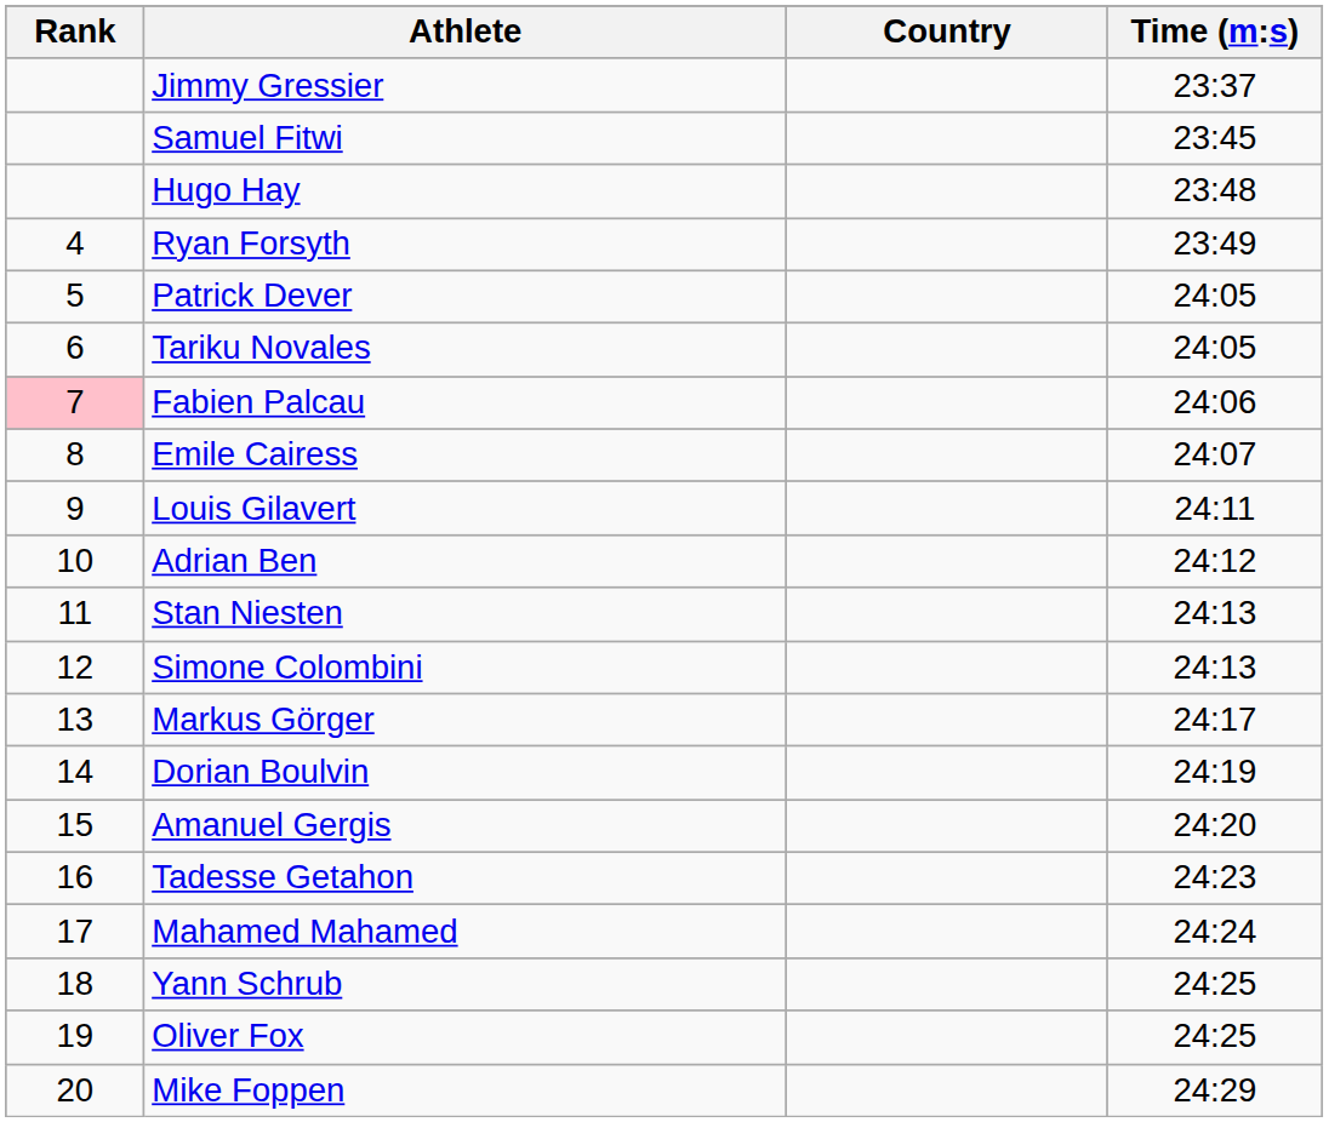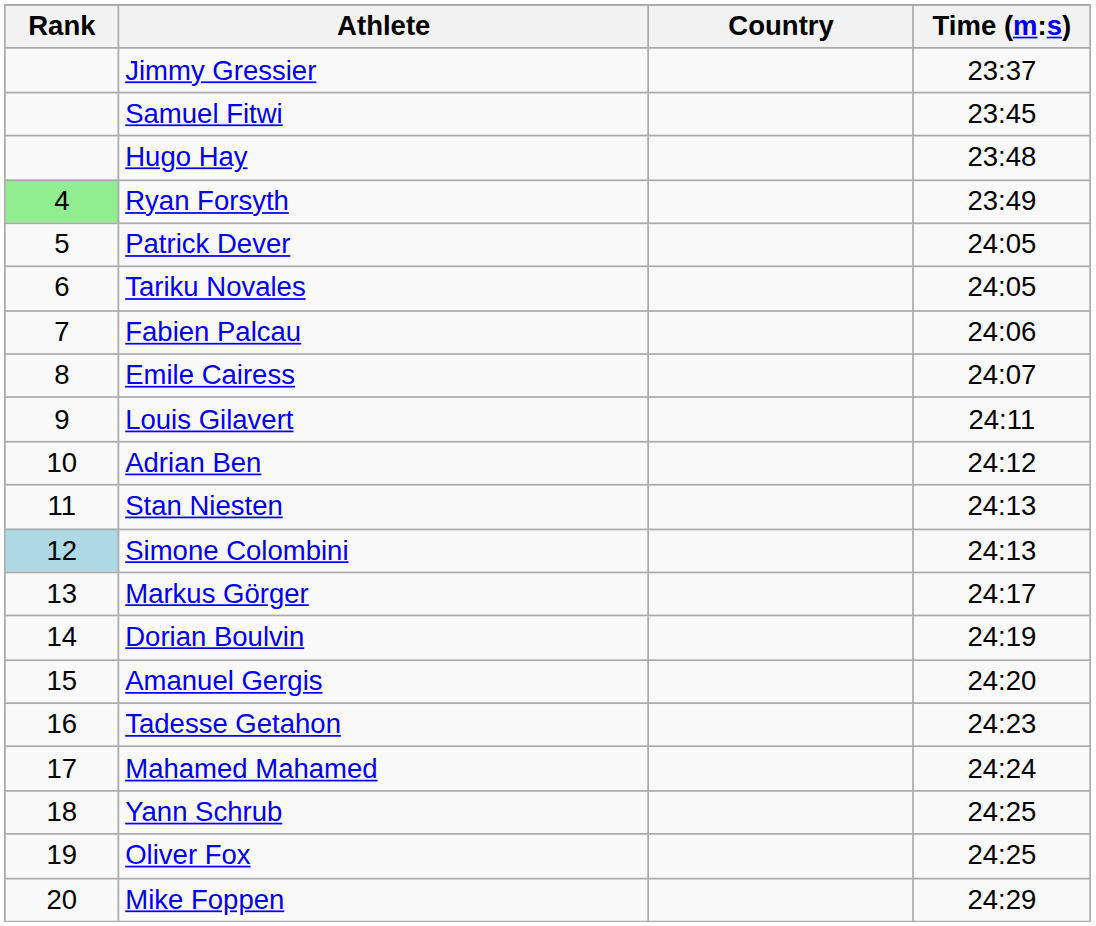 <table class="wikitable" style="text-align:center;" width="50%">
 <tr>
 </tr>
 <tr>
 <th width=5%>Rank</th>
 <th width=30%>Athlete</th>
 <th width=15%>Country</th>
 <th width=10%>Time (<a href='#'>m</a>:<a href='#'>s</a>)</th>
 </tr>
 <tr>
 <td></td>
 <td align=left><a href='#'>Jimmy Gressier</a></td>
 <td align=left></td>
 <td>23:37</td>
 </tr>
 <tr>
 <td></td>
 <td align=left><a href='#'>Samuel Fitwi</a></td>
 <td align=left></td>
 <td>23:45</td>
 </tr>
 <tr>
 <td></td>
 <td align=left><a href='#'>Hugo Hay</a></td>
 <td align=left></td>
 <td>23:48</td>
 </tr>
 <tr>
-<td>4</td>
+<td style="background: lightgreen;">4</td>
 <td align=left><a href='#'>Ryan Forsyth</a></td>
 <td align=left></td>
 <td>23:49</td>
 </tr>
 <tr>
 <td>5</td>
 <td align=left><a href='#'>Patrick Dever</a></td>
 <td align=left></td>
 <td>24:05</td>
 </tr>
 <tr>
 <td>6</td>
 <td align=left><a href='#'>Tariku Novales</a></td>
 <td align=left></td>
 <td>24:05</td>
 </tr>
 <tr>
-<td style="background: pink;">7</td>
+<td>7</td>
 <td align=left><a href='#'>Fabien Palcau</a></td>
 <td align=left></td>
 <td>24:06</td>
 </tr>
 <tr>
 <td>8</td>
 <td align=left><a href='#'>Emile Cairess</a></td>
 <td align=left></td>
 <td>24:07</td>
 </tr>
 <tr>
 <td>9</td>
 <td align=left><a href='#'>Louis Gilavert</a></td>
 <td align=left></td>
 <td>24:11</td>
 </tr>
 <tr>
 <td>10</td>
 <td align=left><a href='#'>Adrian Ben</a></td>
 <td align=left></td>
 <td>24:12</td>
 </tr>
 <tr>
 <td>11</td>
 <td align=left><a href='#'>Stan Niesten</a></td>
 <td align=left></td>
 <td>24:13</td>
 </tr>
 <tr>
-<td>12</td>
+<td style="background: lightblue;">12</td>
 <td align=left><a href='#'>Simone Colombini</a></td>
 <td align=left></td>
 <td>24:13</td>
 </tr>
 <tr>
 <td>13</td>
 <td align=left><a href='#'>Markus Görger</a></td>
 <td align=left></td>
 <td>24:17</td>
 </tr>
 <tr>
 <td>14</td>
 <td align=left><a href='#'>Dorian Boulvin</a></td>
 <td align=left></td>
 <td>24:19</td>
 </tr>
 <tr>
 <td>15</td>
 <td align=left><a href='#'>Amanuel Gergis</a></td>
 <td align=left></td>
 <td>24:20</td>
 </tr>
 <tr>
 <td>16</td>
 <td align=left><a href='#'>Tadesse Getahon</a></td>
 <td align=left></td>
 <td>24:23</td>
 </tr>
 <tr>
 <td>17</td>
 <td align=left><a href='#'>Mahamed Mahamed</a></td>
 <td align=left></td>
 <td>24:24</td>
 </tr>
 <tr>
 <td>18</td>
 <td align=left><a href='#'>Yann Schrub</a></td>
 <td align=left></td>
 <td>24:25</td>
 </tr>
 <tr>
 <td>19</td>
 <td align=left><a href='#'>Oliver Fox</a></td>
 <td align=left></td>
 <td>24:25</td>
 </tr>
 <tr>
 <td>20</td>
 <td align=left><a href='#'>Mike Foppen</a></td>
 <td align=left></td>
 <td>24:29</td>
 </tr>
 </table>
